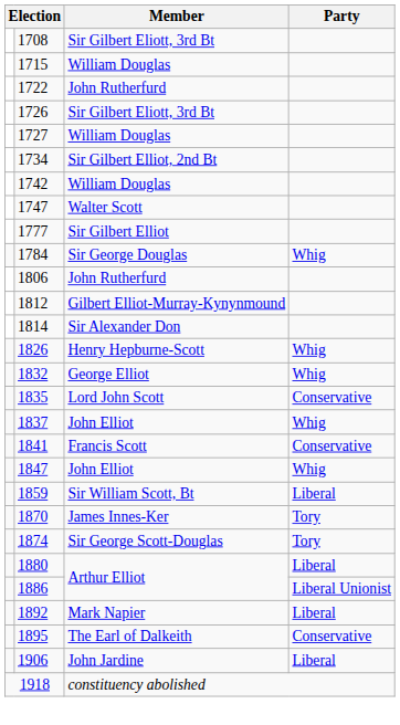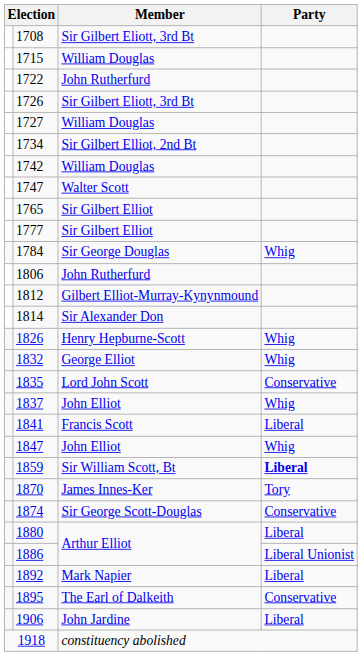 <table class="wikitable">
 <tr>
 <th colspan="2">Election</th>
 <th>Member</th>
 <th>Party</th>
 </tr>
 <tr>
 <td style="color:inherit;background-color: white"></td>
 <td>1708</td>
 <td><a href='#'>Sir Gilbert Eliott, 3rd Bt</a></td>
 <td></td>
 </tr>
 <tr>
 <td style="color:inherit;background-color: white"></td>
 <td>1715</td>
 <td><a href='#'>William Douglas</a></td>
 <td></td>
 </tr>
 <tr>
 <td style="color:inherit;background-color: white"></td>
 <td>1722</td>
 <td><a href='#'>John Rutherfurd</a></td>
 <td></td>
 </tr>
 <tr>
 <td style="color:inherit;background-color: white"></td>
 <td>1726</td>
 <td><a href='#'>Sir Gilbert Eliott, 3rd Bt</a></td>
 <td></td>
 </tr>
 <tr>
 <td style="color:inherit;background-color: white"></td>
 <td>1727</td>
 <td><a href='#'>William Douglas</a></td>
 <td></td>
 </tr>
 <tr>
 <td style="color:inherit;background-color: white"></td>
 <td>1734</td>
 <td><a href='#'>Sir Gilbert Elliot, 2nd Bt</a></td>
 <td></td>
 </tr>
 <tr>
 <td style="color:inherit;background-color: white"></td>
 <td>1742</td>
 <td><a href='#'>William Douglas</a></td>
 <td></td>
 </tr>
 <tr>
 <td style="color:inherit;background-color: white"></td>
 <td>1747</td>
 <td><a href='#'>Walter Scott</a></td>
+<td></td>
+</tr>
+<tr>
+<td style="color:inherit;background-color: white"></td>
+<td>1765</td>
+<td><a href='#'>Sir Gilbert Elliot</a></td>
 <td></td>
 </tr>
 <tr>
 <td style="color:inherit;background-color: white"></td>
 <td>1777</td>
 <td><a href='#'>Sir Gilbert Elliot</a></td>
 <td></td>
 </tr>
 <tr>
 <td style="color:inherit;background-color: "></td>
 <td>1784</td>
 <td><a href='#'>Sir George Douglas</a></td>
 <td><a href='#'>Whig</a></td>
 </tr>
 <tr>
 <td style="color:inherit;background-color: white"></td>
 <td>1806</td>
 <td><a href='#'>John Rutherfurd</a></td>
 <td></td>
 </tr>
 <tr>
 <td style="color:inherit;background-color: white"></td>
 <td>1812</td>
 <td><a href='#'>Gilbert Elliot-Murray-Kynynmound</a></td>
 <td></td>
 </tr>
 <tr>
 <td style="color:inherit;background-color: white"></td>
 <td>1814</td>
 <td><a href='#'>Sir Alexander Don</a></td>
 <td></td>
 </tr>
 <tr>
 <td style="color:inherit;background-color: "></td>
 <td><a href='#'>1826</a></td>
 <td><a href='#'>Henry Hepburne-Scott</a></td>
 <td><a href='#'>Whig</a></td>
 </tr>
 <tr>
 <td style="color:inherit;background-color: "></td>
 <td><a href='#'>1832</a></td>
 <td><a href='#'>George Elliot</a></td>
 <td><a href='#'>Whig</a></td>
 </tr>
 <tr>
 <td style="color:inherit;background-color: "></td>
 <td><a href='#'>1835</a></td>
 <td><a href='#'>Lord John Scott</a></td>
 <td><a href='#'>Conservative</a></td>
 </tr>
 <tr>
 <td style="color:inherit;background-color: "></td>
 <td><a href='#'>1837</a></td>
 <td><a href='#'>John Elliot</a></td>
 <td><a href='#'>Whig</a></td>
 </tr>
 <tr>
 <td style="color:inherit;background-color: "></td>
 <td><a href='#'>1841</a></td>
 <td><a href='#'>Francis Scott</a></td>
-<td><a href='#'>Conservative</a></td>
+<td><a href='#'>Liberal</a></td>
 </tr>
 <tr>
 <td style="color:inherit;background-color: "></td>
 <td><a href='#'>1847</a></td>
 <td><a href='#'>John Elliot</a></td>
 <td><a href='#'>Whig</a></td>
 </tr>
 <tr>
 <td style="color:inherit;background-color: "></td>
 <td><a href='#'>1859</a></td>
 <td><a href='#'>Sir William Scott, Bt</a></td>
-<td><a href='#'>Liberal</a></td>
+<td><strong><a href='#'>Liberal</a></strong></td>
 </tr>
 <tr>
 <td style="color:inherit;background-color: "></td>
 <td><a href='#'>1870</a></td>
 <td><a href='#'>James Innes-Ker</a></td>
 <td><a href='#'>Tory</a></td>
 </tr>
 <tr>
 <td style="color:inherit;background-color: "></td>
 <td><a href='#'>1874</a></td>
 <td><a href='#'>Sir George Scott-Douglas</a></td>
-<td><a href='#'>Tory</a></td>
+<td><a href='#'>Conservative</a></td>
 </tr>
 <tr>
 <td style="color:inherit;background-color: "></td>
 <td><a href='#'>1880</a></td>
 <td rowspan=2><a href='#'>Arthur Elliot</a></td>
 <td><a href='#'>Liberal</a></td>
 </tr>
 <tr>
 <td style="color:inherit;background-color: "></td>
 <td><a href='#'>1886</a></td>
 <td><a href='#'>Liberal Unionist</a></td>
 </tr>
 <tr>
 <td style="color:inherit;background-color: "></td>
 <td><a href='#'>1892</a></td>
 <td><a href='#'>Mark Napier</a></td>
 <td><a href='#'>Liberal</a></td>
 </tr>
 <tr>
 <td style="color:inherit;background-color: "></td>
 <td><a href='#'>1895</a></td>
 <td><a href='#'>The Earl of Dalkeith</a></td>
 <td><a href='#'>Conservative</a></td>
 </tr>
 <tr>
 <td style="color:inherit;background-color: "></td>
 <td><a href='#'>1906</a></td>
 <td><a href='#'>John Jardine</a></td>
 <td><a href='#'>Liberal</a></td>
 </tr>
 <tr>
 <td colspan="2" align="center"><a href='#'>1918</a></td>
 <td colspan="2"><em>constituency abolished</em></td>
 </tr>
 </table>
